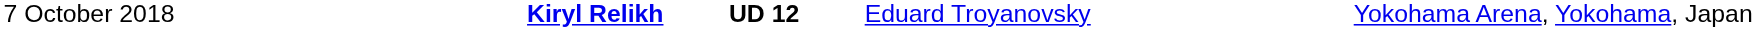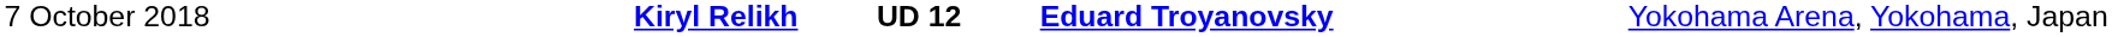 <table cellspacing="1" style="width:100%;">
 <tr>
 <th width="15%"></th>
 <th width="25%"></th>
 <th width="10%"></th>
 <th width="25%"></th>
 </tr>
 <tr style="font-size:100%">
 <td align="right">7 October 2018</td>
 <td align="right"><strong><a href='#'>Kiryl Relikh</a></strong> </td>
 <td align="center"><strong>UD 12</strong></td>
-<td> <a href='#'>Eduard Troyanovsky</a></td>
+<td><strong> <a href='#'>Eduard Troyanovsky</a></strong></td>
 <td><a href='#'>Yokohama Arena</a>, <a href='#'>Yokohama</a>, Japan</td>
 </tr>
 </table>
